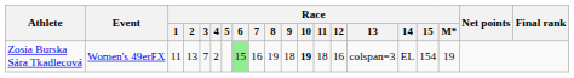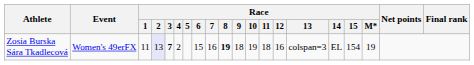 <table class="wikitable" style="font-size:90%">
 <tr>
 <th rowspan="2">Athlete</th>
 <th rowspan="2">Event</th>
 <th colspan=16>Race</th>
 <th rowspan=2>Net points</th>
 <th rowspan=2>Final rank</th>
 </tr>
 <tr style="font-size:95%">
 <th>1</th>
 <th>2</th>
 <th>3</th>
 <th>4</th>
 <th>5</th>
 <th>6</th>
 <th>7</th>
 <th>8</th>
 <th>9</th>
 <th>10</th>
 <th>11</th>
 <th>12</th>
 <th>13</th>
 <th>14</th>
 <th>15</th>
 <th>M*</th>
 </tr>
 <tr align=center>
 <td align=left><a href='#'>Zosia Burska</a><br><a href='#'>Sára Tkadlecová</a></td>
 <td align=left><a href='#'>Women's 49erFX</a></td>
 <td>11</td>
-<td>13</td>
-<td>7</td>
+<td style="background: lavender;">13</td>
+<td><strong>7</strong></td>
 <td>2</td>
 <td></td>
-<td style="background: lightgreen;">15</td>
+<td>15</td>
 <td>16</td>
+<td><strong>19</strong></td>
+<td>18</td>
 <td>19</td>
-<td>18</td>
-<td><strong>19</strong></td>
 <td>18</td>
 <td>16</td>
 <td>colspan=3 </td>
 <td>EL</td>
 <td>154</td>
 <td>19</td>
 </tr>
 </table>
